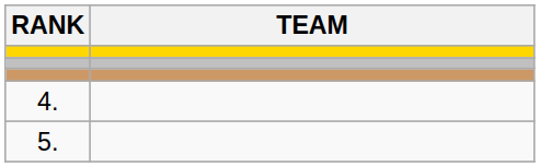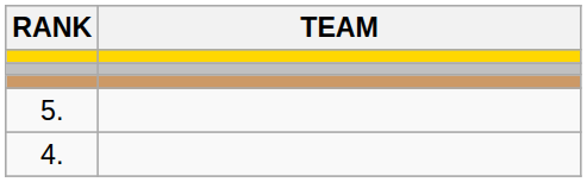 <table class="wikitable" style="border-collapse: collapse; font-size: 90%;">
 <tr>
 <th>RANK</th>
 <th align="left" style="width: 17em">TEAM</th>
 </tr>
 <tr bgcolor=gold>
 <td align="center"></td>
 <td></td>
 </tr>
 <tr bgcolor=silver>
 <td align="center"></td>
 <td></td>
 </tr>
 <tr bgcolor=cc9966>
 <td align="center"></td>
 <td></td>
 </tr>
 <tr>
+<td align="center">5.</td>
+<td></td>
+</tr>
+<tr>
 <td align="center">4.</td>
 <td></td>
 </tr>
-<tr>
-<td align="center">5.</td>
-<td></td>
-</tr>
 </table>
